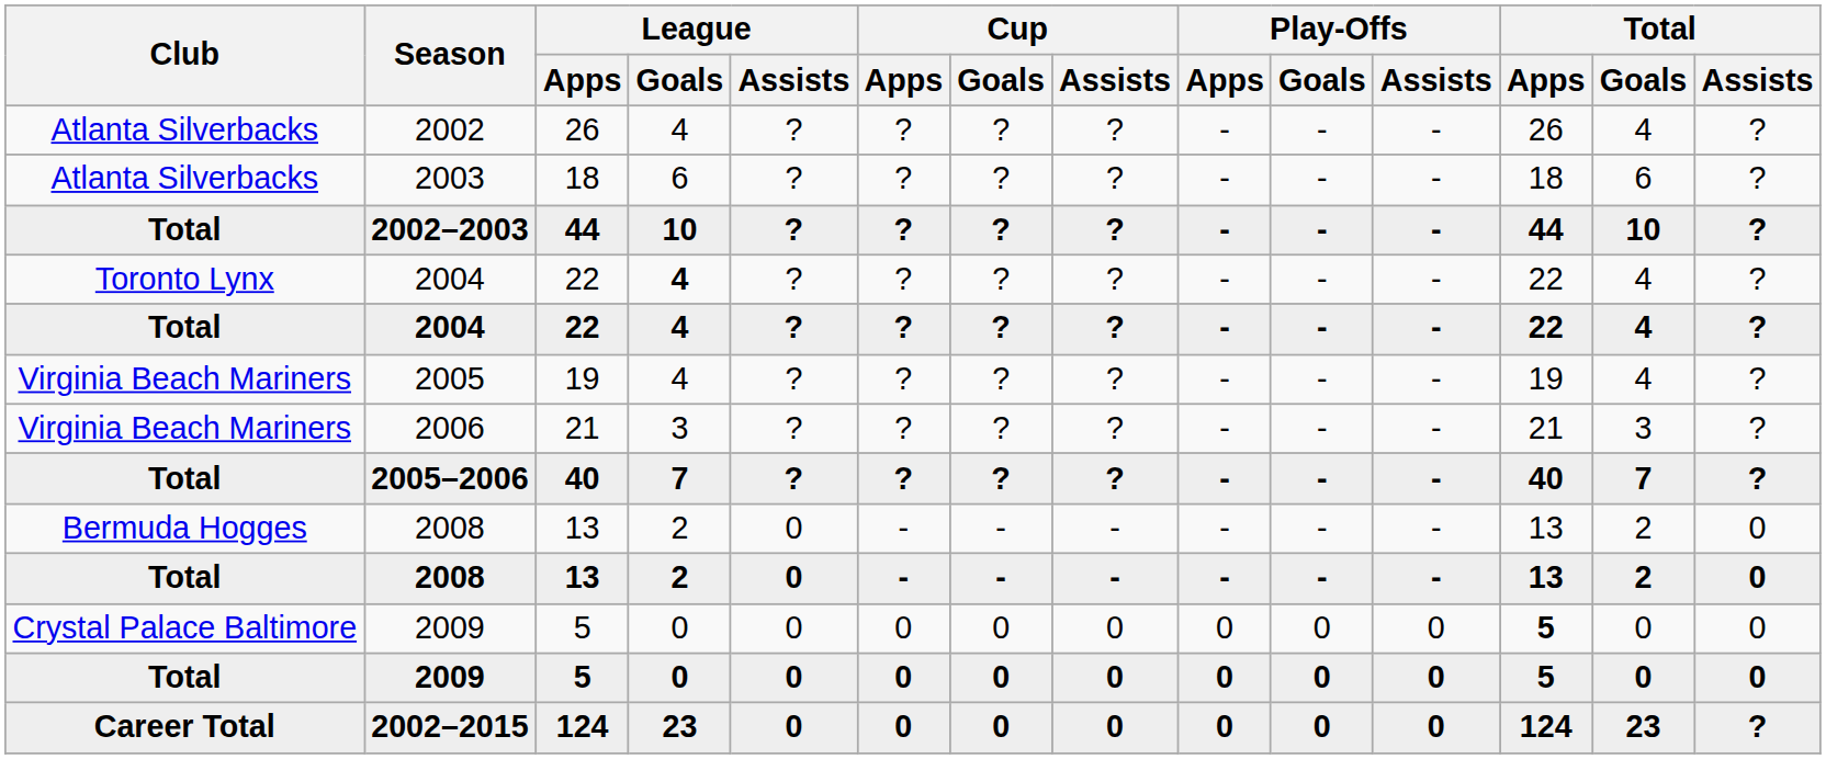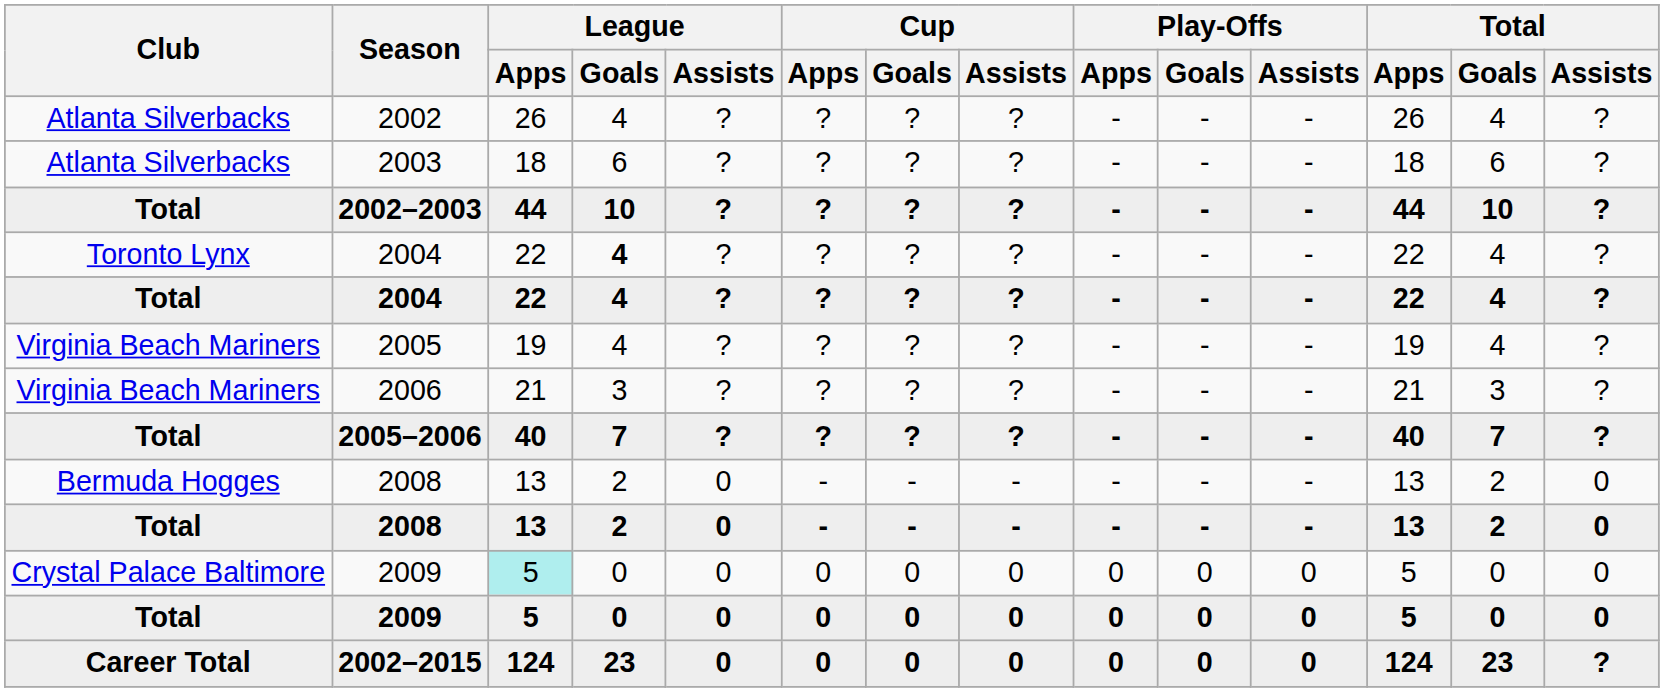 <table class="wikitable" style="text-align: center;">
 <tr>
 <th rowspan="2">Club</th>
 <th rowspan="2">Season</th>
 <th colspan="3">League</th>
 <th colspan="3">Cup</th>
 <th colspan="3">Play-Offs</th>
 <th colspan="3">Total</th>
 </tr>
 <tr>
 <th>Apps</th>
 <th>Goals</th>
 <th>Assists</th>
 <th>Apps</th>
 <th>Goals</th>
 <th>Assists</th>
 <th>Apps</th>
 <th>Goals</th>
 <th>Assists</th>
 <th>Apps</th>
 <th>Goals</th>
 <th>Assists</th>
 </tr>
 <tr>
 <td rowspan="1" valign="top"><a href='#'>Atlanta Silverbacks</a></td>
 <td>2002</td>
 <td>26</td>
 <td>4</td>
 <td>?</td>
 <td>?</td>
 <td>?</td>
 <td>?</td>
 <td>-</td>
 <td>-</td>
 <td>-</td>
 <td>26</td>
 <td>4</td>
 <td>?</td>
 </tr>
 <tr>
 <td><a href='#'>Atlanta Silverbacks</a></td>
 <td>2003</td>
 <td>18</td>
 <td>6</td>
 <td>?</td>
 <td>?</td>
 <td>?</td>
 <td>?</td>
 <td>-</td>
 <td>-</td>
 <td>-</td>
 <td>18</td>
 <td>6</td>
 <td>?</td>
 </tr>
 <tr style="font-weight:bold; background-color:#eeeeee;">
 <td><strong>Total</strong></td>
 <td>2002–2003</td>
 <td>44</td>
 <td>10</td>
 <td>?</td>
 <td>?</td>
 <td>?</td>
 <td>?</td>
 <td>-</td>
 <td>-</td>
 <td>-</td>
 <td>44</td>
 <td>10</td>
 <td>?</td>
 </tr>
 <tr>
 <td><a href='#'>Toronto Lynx</a></td>
 <td>2004</td>
 <td>22</td>
 <td><strong>4</strong></td>
 <td>?</td>
 <td>?</td>
 <td>?</td>
 <td>?</td>
 <td>-</td>
 <td>-</td>
 <td>-</td>
 <td>22</td>
 <td>4</td>
 <td>?</td>
 </tr>
 <tr style="font-weight:bold; background-color:#eeeeee;">
 <td><strong>Total</strong></td>
 <td>2004</td>
 <td>22</td>
 <td>4</td>
 <td>?</td>
 <td>?</td>
 <td>?</td>
 <td>?</td>
 <td>-</td>
 <td>-</td>
 <td>-</td>
 <td>22</td>
 <td>4</td>
 <td>?</td>
 </tr>
 <tr>
 <td><a href='#'>Virginia Beach Mariners</a></td>
 <td>2005</td>
 <td>19</td>
 <td>4</td>
 <td>?</td>
 <td>?</td>
 <td>?</td>
 <td>?</td>
 <td>-</td>
 <td>-</td>
 <td>-</td>
 <td>19</td>
 <td>4</td>
 <td>?</td>
 </tr>
 <tr>
 <td><a href='#'>Virginia Beach Mariners</a></td>
 <td>2006</td>
 <td>21</td>
 <td>3</td>
 <td>?</td>
 <td>?</td>
 <td>?</td>
 <td>?</td>
 <td>-</td>
 <td>-</td>
 <td>-</td>
 <td>21</td>
 <td>3</td>
 <td>?</td>
 </tr>
 <tr style="font-weight:bold; background-color:#eeeeee;">
 <td><strong>Total</strong></td>
 <td>2005–2006</td>
 <td>40</td>
 <td>7</td>
 <td>?</td>
 <td>?</td>
 <td>?</td>
 <td>?</td>
 <td>-</td>
 <td>-</td>
 <td>-</td>
 <td>40</td>
 <td>7</td>
 <td>?</td>
 </tr>
 <tr>
 <td><a href='#'>Bermuda Hogges</a></td>
 <td>2008</td>
 <td>13</td>
 <td>2</td>
 <td>0</td>
 <td>-</td>
 <td>-</td>
 <td>-</td>
 <td>-</td>
 <td>-</td>
 <td>-</td>
 <td>13</td>
 <td>2</td>
 <td>0</td>
 </tr>
 <tr style="font-weight:bold; background-color:#eeeeee;">
 <td><strong>Total</strong></td>
 <td>2008</td>
 <td>13</td>
 <td>2</td>
 <td>0</td>
 <td>-</td>
 <td>-</td>
 <td>-</td>
 <td>-</td>
 <td>-</td>
 <td>-</td>
 <td>13</td>
 <td>2</td>
 <td>0</td>
 </tr>
 <tr>
 <td><a href='#'>Crystal Palace Baltimore</a></td>
 <td>2009</td>
-<td>5</td>
+<td style="background: paleturquoise;">5</td>
 <td>0</td>
 <td>0</td>
 <td>0</td>
 <td>0</td>
 <td>0</td>
 <td>0</td>
 <td>0</td>
 <td>0</td>
-<td><strong>5</strong></td>
+<td>5</td>
 <td>0</td>
 <td>0</td>
 </tr>
 <tr style="font-weight:bold; background-color:#eeeeee;">
 <td><strong>Total</strong></td>
 <td>2009</td>
 <td>5</td>
 <td>0</td>
 <td>0</td>
 <td>0</td>
 <td>0</td>
 <td>0</td>
 <td>0</td>
 <td>0</td>
 <td>0</td>
 <td>5</td>
 <td>0</td>
 <td>0</td>
 </tr>
 <tr style="font-weight:bold; background-color:#eeeeee;">
 <td><strong>Career Total</strong></td>
 <td>2002–2015</td>
 <td>124</td>
 <td>23</td>
 <td>0</td>
 <td>0</td>
 <td>0</td>
 <td>0</td>
 <td>0</td>
 <td>0</td>
 <td>0</td>
 <td>124</td>
 <td>23</td>
 <td>?</td>
 </tr>
 </table>
